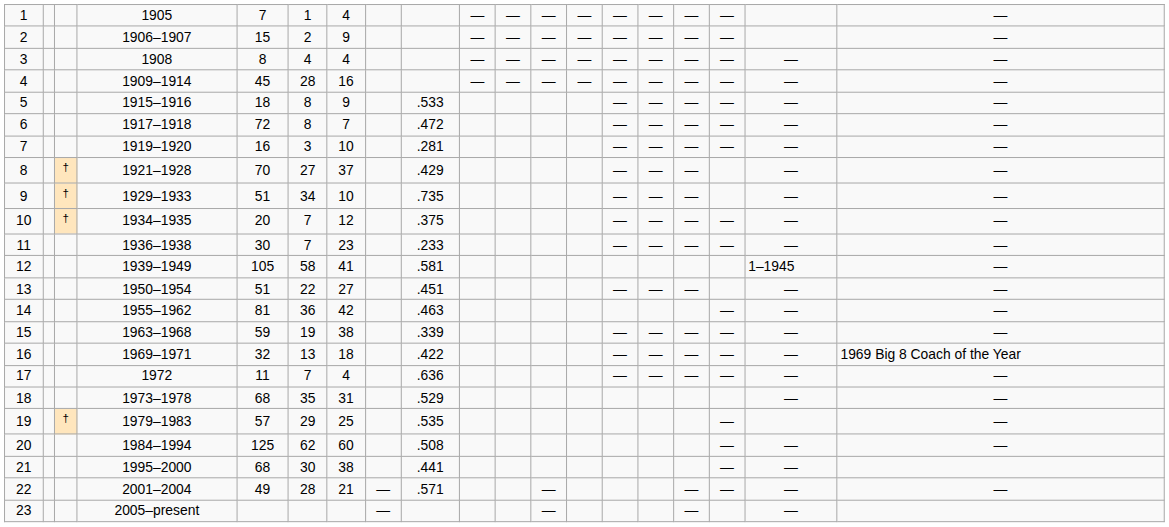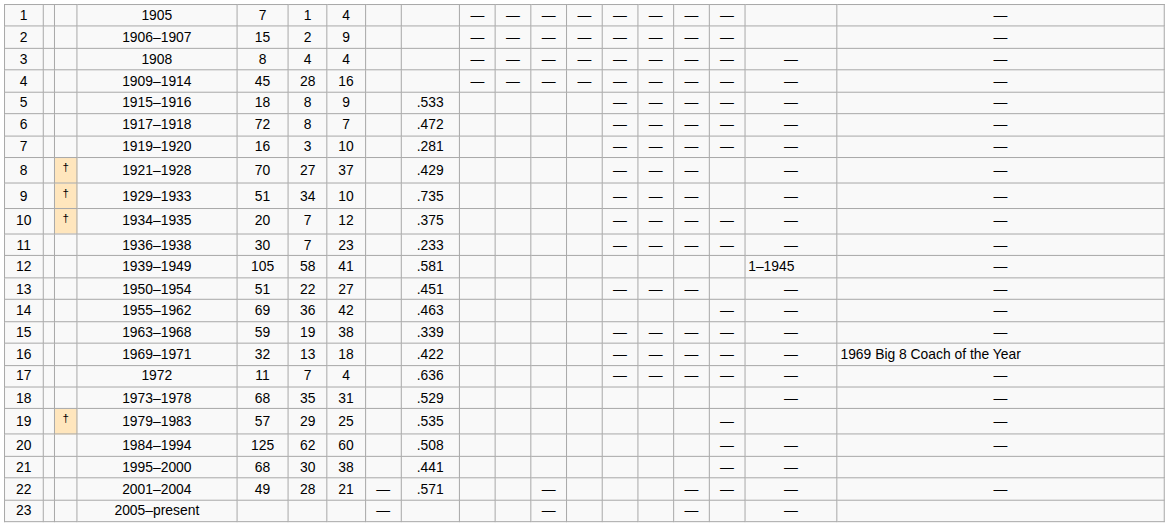 <table class="wikitable sortable sticky-header-multi" style="font-size: 85%; width:90%;">
 <tr>
 <td align="center">1</td>
 <td></td>
 <td align="center"></td>
 <td align="center">1905</td>
 <td align="center">7</td>
 <td align="center">1</td>
 <td align="center">4</td>
 <td align="center"></td>
 <td align="center"></td>
 <td align="center">—</td>
 <td align="center">—</td>
 <td align="center">—</td>
 <td align="center">—</td>
 <td align="center">—</td>
 <td align="center">—</td>
 <td align="center">—</td>
 <td align="center">—</td>
 <td></td>
 <td align="center">—</td>
 </tr>
 <tr>
 <td align="center">2</td>
 <td></td>
 <td align="center"></td>
 <td align="center">1906–1907</td>
 <td align="center">15</td>
 <td align="center">2</td>
 <td align="center">9</td>
 <td align="center"></td>
 <td align="center"></td>
 <td align="center">—</td>
 <td align="center">—</td>
 <td align="center">—</td>
 <td align="center">—</td>
 <td align="center">—</td>
 <td align="center">—</td>
 <td align="center">—</td>
 <td align="center">—</td>
 <td></td>
 <td align="center">—</td>
 </tr>
 <tr>
 <td align="center">3</td>
 <td></td>
 <td align="center"></td>
 <td align="center">1908</td>
 <td align="center">8</td>
 <td align="center">4</td>
 <td align="center">4</td>
 <td align="center"></td>
 <td align="center"></td>
 <td align="center">—</td>
 <td align="center">—</td>
 <td align="center">—</td>
 <td align="center">—</td>
 <td align="center">—</td>
 <td align="center">—</td>
 <td align="center">—</td>
 <td align="center">—</td>
 <td align="center">—</td>
 <td align="center">—</td>
 </tr>
 <tr>
 <td align="center">4</td>
 <td></td>
 <td align="center"></td>
 <td align="center">1909–1914</td>
 <td align="center">45</td>
 <td align="center">28</td>
 <td align="center">16</td>
 <td align="center"></td>
 <td align="center"></td>
 <td align="center">—</td>
 <td align="center">—</td>
 <td align="center">—</td>
 <td align="center">—</td>
 <td align="center">—</td>
 <td align="center">—</td>
 <td align="center">—</td>
 <td align="center">—</td>
 <td align="center">—</td>
 <td align="center">—</td>
 </tr>
 <tr>
 <td align="center">5</td>
 <td></td>
 <td align="center"></td>
 <td align="center">1915–1916</td>
 <td align="center">18</td>
 <td align="center">8</td>
 <td align="center">9</td>
 <td align="center"></td>
 <td align="center">.533</td>
 <td align="center"></td>
 <td align="center"></td>
 <td align="center"></td>
 <td align="center"></td>
 <td align="center">—</td>
 <td align="center">—</td>
 <td align="center">—</td>
 <td align="center">—</td>
 <td align="center">—</td>
 <td align="center">—</td>
 </tr>
 <tr>
 <td align="center">6</td>
 <td></td>
 <td align="center"></td>
 <td align="center">1917–1918</td>
 <td align="center">72</td>
 <td align="center">8</td>
 <td align="center">7</td>
 <td align="center"></td>
 <td align="center">.472</td>
 <td align="center"></td>
 <td align="center"></td>
 <td align="center"></td>
 <td align="center"></td>
 <td align="center">—</td>
 <td align="center">—</td>
 <td align="center">—</td>
 <td align="center">—</td>
 <td align="center">—</td>
 <td align="center">—</td>
 </tr>
 <tr>
 <td align="center">7</td>
 <td></td>
 <td align="center"></td>
 <td align="center">1919–1920</td>
 <td align="center">16</td>
 <td align="center">3</td>
 <td align="center">10</td>
 <td align="center"></td>
 <td align="center">.281</td>
 <td align="center"></td>
 <td align="center"></td>
 <td align="center"></td>
 <td align="center"></td>
 <td align="center">—</td>
 <td align="center">—</td>
 <td align="center">—</td>
 <td align="center">—</td>
 <td align="center">—</td>
 <td align="center">—</td>
 </tr>
 <tr>
 <td align="center">8</td>
 <td></td>
 <td align="center" bgcolor=#FFE6BD><sup>†</sup></td>
 <td align="center">1921–1928</td>
 <td align="center">70</td>
 <td align="center">27</td>
 <td align="center">37</td>
 <td align="center"></td>
 <td align="center">.429</td>
 <td align="center"></td>
 <td align="center"></td>
 <td align="center"></td>
 <td align="center"></td>
 <td align="center">—</td>
 <td align="center">—</td>
 <td align="center">—</td>
 <td align="center"></td>
 <td align="center">—</td>
 <td align="center">—</td>
 </tr>
 <tr>
 <td align="center">9</td>
 <td></td>
 <td align="center" bgcolor=#FFE6BD><sup>†</sup></td>
 <td align="center">1929–1933</td>
 <td align="center">51</td>
 <td align="center">34</td>
 <td align="center">10</td>
 <td align="center"></td>
 <td align="center">.735</td>
 <td align="center"></td>
 <td align="center"></td>
 <td align="center"></td>
 <td align="center"></td>
 <td align="center">—</td>
 <td align="center">—</td>
 <td align="center">—</td>
 <td align="center"></td>
 <td align="center">—</td>
 <td align="center">—</td>
 </tr>
 <tr>
 <td align="center">10</td>
 <td></td>
 <td align="center" bgcolor=#FFE6BD><sup>†</sup></td>
 <td align="center">1934–1935</td>
 <td align="center">20</td>
 <td align="center">7</td>
 <td align="center">12</td>
 <td align="center"></td>
 <td align="center">.375</td>
 <td align="center"></td>
 <td align="center"></td>
 <td align="center"></td>
 <td align="center"></td>
 <td align="center">—</td>
 <td align="center">—</td>
 <td align="center">—</td>
 <td align="center">—</td>
 <td align="center">—</td>
 <td align="center">—</td>
 </tr>
 <tr>
 <td align="center">11</td>
 <td></td>
 <td align="center"></td>
 <td align="center">1936–1938</td>
 <td align="center">30</td>
 <td align="center">7</td>
 <td align="center">23</td>
 <td align="center"></td>
 <td align="center">.233</td>
 <td align="center"></td>
 <td align="center"></td>
 <td align="center"></td>
 <td align="center"></td>
 <td align="center">—</td>
 <td align="center">—</td>
 <td align="center">—</td>
 <td align="center">—</td>
 <td align="center">—</td>
 <td align="center">—</td>
 </tr>
 <tr>
 <td align="center">12</td>
 <td></td>
 <td align="center"></td>
 <td align="center">1939–1949</td>
 <td align="center">105</td>
 <td align="center">58</td>
 <td align="center">41</td>
 <td align="center"></td>
 <td align="center">.581</td>
 <td align="center"></td>
 <td align="center"></td>
 <td align="center"></td>
 <td align="center"></td>
 <td align="center"></td>
 <td align="center"></td>
 <td align="center"></td>
 <td align="center"></td>
 <td>1–1945</td>
 <td align="center">—</td>
 </tr>
 <tr>
 <td align="center">13</td>
 <td></td>
 <td align="center"></td>
 <td align="center">1950–1954</td>
 <td align="center">51</td>
 <td align="center">22</td>
 <td align="center">27</td>
 <td align="center"></td>
 <td align="center">.451</td>
 <td align="center"></td>
 <td align="center"></td>
 <td align="center"></td>
 <td align="center"></td>
 <td align="center">—</td>
 <td align="center">—</td>
 <td align="center">—</td>
 <td align="center"></td>
 <td align="center">—</td>
 <td align="center">—</td>
 </tr>
 <tr>
 <td align="center">14</td>
 <td></td>
 <td align="center"></td>
 <td align="center">1955–1962</td>
-<td align="center">81</td>
+<td align="center">69</td>
 <td align="center">36</td>
 <td align="center">42</td>
 <td align="center"></td>
 <td align="center">.463</td>
 <td align="center"></td>
 <td align="center"></td>
 <td align="center"></td>
 <td align="center"></td>
 <td align="center"></td>
 <td align="center"></td>
 <td align="center"></td>
 <td align="center">—</td>
 <td align="center">—</td>
 <td align="center">—</td>
 </tr>
 <tr>
 <td align="center">15</td>
 <td></td>
 <td align="center"></td>
 <td align="center">1963–1968</td>
 <td align="center">59</td>
 <td align="center">19</td>
 <td align="center">38</td>
 <td align="center"></td>
 <td align="center">.339</td>
 <td align="center"></td>
 <td align="center"></td>
 <td align="center"></td>
 <td align="center"></td>
 <td align="center">—</td>
 <td align="center">—</td>
 <td align="center">—</td>
 <td align="center">—</td>
 <td align="center">—</td>
 <td align="center">—</td>
 </tr>
 <tr>
 <td align="center">16</td>
 <td></td>
 <td align="center"></td>
 <td align="center">1969–1971</td>
 <td align="center">32</td>
 <td align="center">13</td>
 <td align="center">18</td>
 <td align="center"></td>
 <td align="center">.422</td>
 <td align="center"></td>
 <td align="center"></td>
 <td align="center"></td>
 <td align="center"></td>
 <td align="center">—</td>
 <td align="center">—</td>
 <td align="center">—</td>
 <td align="center">—</td>
 <td align="center">—</td>
 <td>1969 Big 8 Coach of the Year</td>
 </tr>
 <tr>
 <td align="center">17</td>
 <td></td>
 <td align="center"></td>
 <td align="center">1972</td>
 <td align="center">11</td>
 <td align="center">7</td>
 <td align="center">4</td>
 <td align="center"></td>
 <td align="center">.636</td>
 <td align="center"></td>
 <td align="center"></td>
 <td align="center"></td>
 <td align="center"></td>
 <td align="center">—</td>
 <td align="center">—</td>
 <td align="center">—</td>
 <td align="center">—</td>
 <td align="center">—</td>
 <td align="center">—</td>
 </tr>
 <tr>
 <td align="center">18</td>
 <td></td>
 <td align="center"></td>
 <td align="center">1973–1978</td>
 <td align="center">68</td>
 <td align="center">35</td>
 <td align="center">31</td>
 <td align="center"></td>
 <td align="center">.529</td>
 <td align="center"></td>
 <td align="center"></td>
 <td align="center"></td>
 <td align="center"></td>
 <td align="center"></td>
 <td align="center"></td>
 <td align="center"></td>
 <td align="center"></td>
 <td align="center">—</td>
 <td align="center">—</td>
 </tr>
 <tr>
 <td align="center">19</td>
 <td></td>
 <td align="center" bgcolor=#FFE6BD><sup>†</sup></td>
 <td align="center">1979–1983</td>
 <td align="center">57</td>
 <td align="center">29</td>
 <td align="center">25</td>
 <td align="center"></td>
 <td align="center">.535</td>
 <td align="center"></td>
 <td align="center"></td>
 <td align="center"></td>
 <td align="center"></td>
 <td align="center"></td>
 <td align="center"></td>
 <td align="center"></td>
 <td align="center">—</td>
 <td></td>
 <td align="center">—</td>
 </tr>
 <tr>
 <td align="center">20</td>
 <td></td>
 <td align="center"></td>
 <td align="center">1984–1994</td>
 <td align="center">125</td>
 <td align="center">62</td>
 <td align="center">60</td>
 <td align="center"></td>
 <td align="center">.508</td>
 <td align="center"></td>
 <td align="center"></td>
 <td align="center"></td>
 <td align="center"></td>
 <td align="center"></td>
 <td align="center"></td>
 <td align="center"></td>
 <td align="center">—</td>
 <td align="center">—</td>
 <td align="center">—</td>
 </tr>
 <tr>
 <td align="center">21</td>
 <td></td>
 <td align="center"></td>
 <td align="center">1995–2000</td>
 <td align="center">68</td>
 <td align="center">30</td>
 <td align="center">38</td>
 <td align="center"></td>
 <td align="center">.441</td>
 <td align="center"></td>
 <td align="center"></td>
 <td align="center"></td>
 <td align="center"></td>
 <td align="center"></td>
 <td align="center"></td>
 <td align="center"></td>
 <td align="center">—</td>
 <td align="center">—</td>
 <td></td>
 </tr>
 <tr>
 <td align="center">22</td>
 <td></td>
 <td align="center"></td>
 <td align="center">2001–2004</td>
 <td align="center">49</td>
 <td align="center">28</td>
 <td align="center">21</td>
 <td align="center">—</td>
 <td align="center">.571</td>
 <td align="center"></td>
 <td align="center"></td>
 <td align="center">—</td>
 <td align="center"></td>
 <td align="center"></td>
 <td align="center"></td>
 <td align="center">—</td>
 <td align="center">—</td>
 <td align="center">—</td>
 <td align="center">—</td>
 </tr>
 <tr>
 <td align="center">23</td>
 <td></td>
 <td align="center"></td>
 <td align="center">2005–present</td>
 <td align="center"></td>
 <td align="center"></td>
 <td align="center"></td>
 <td align="center">—</td>
 <td align="center"></td>
 <td align="center"></td>
 <td align="center"></td>
 <td align="center">—</td>
 <td align="center"></td>
 <td align="center"></td>
 <td align="center"></td>
 <td align="center">—</td>
 <td align="center"></td>
 <td align="center">—</td>
 <td><br>   </td>
 </tr>
 </table>
